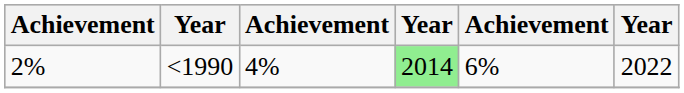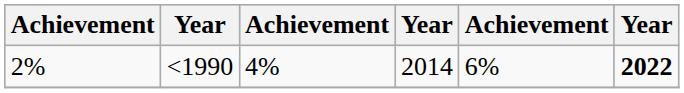 <table class=wikitable>
 <tr>
 <th>Achievement</th>
 <th>Year</th>
 <th>Achievement</th>
 <th>Year</th>
 <th>Achievement</th>
 <th>Year</th>
 </tr>
 <tr>
 <td>2%</td>
 <td><1990</td>
 <td>4%</td>
-<td style="background: lightgreen;">2014</td>
+<td>2014</td>
 <td>6%</td>
-<td>2022</td>
+<td><strong>2022</strong></td>
 </tr>
 <tr>
 </tr>
 </table>
